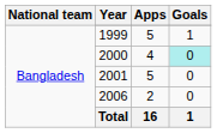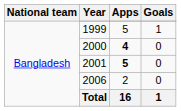 <table class="wikitable" style="text-align: center;">
 <tr>
 <th>National team</th>
 <th>Year</th>
 <th>Apps</th>
 <th>Goals</th>
 </tr>
 <tr>
 <td rowspan="6"><a href='#'>Bangladesh</a></td>
 </tr>
 <tr>
 <td>1999</td>
 <td>5</td>
 <td>1</td>
 </tr>
 <tr>
 <td>2000</td>
-<td>4</td>
-<td style="background: paleturquoise;">0</td>
+<td><strong>4</strong></td>
+<td>0</td>
 </tr>
 <tr>
 <td>2001</td>
-<td>5</td>
+<td><strong>5</strong></td>
 <td>0</td>
 </tr>
 <tr>
 <td>2006</td>
 <td>2</td>
 <td>0</td>
 </tr>
 <tr>
 <th>Total</th>
 <th>16</th>
 <th>1</th>
 </tr>
 </table>
